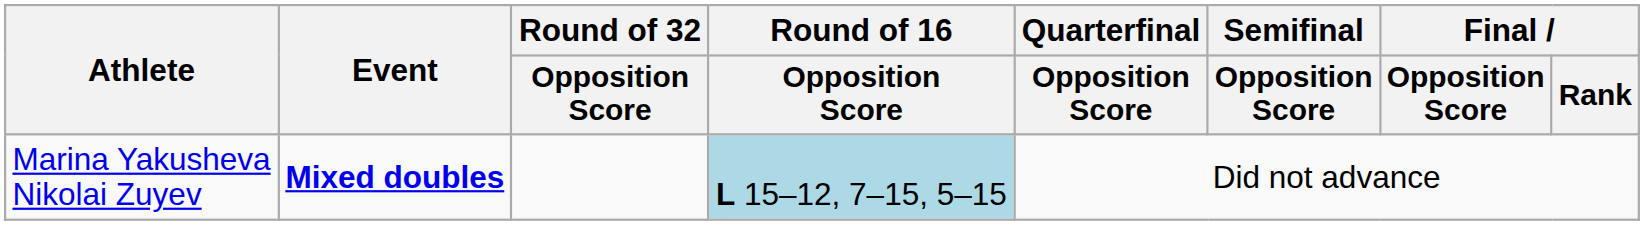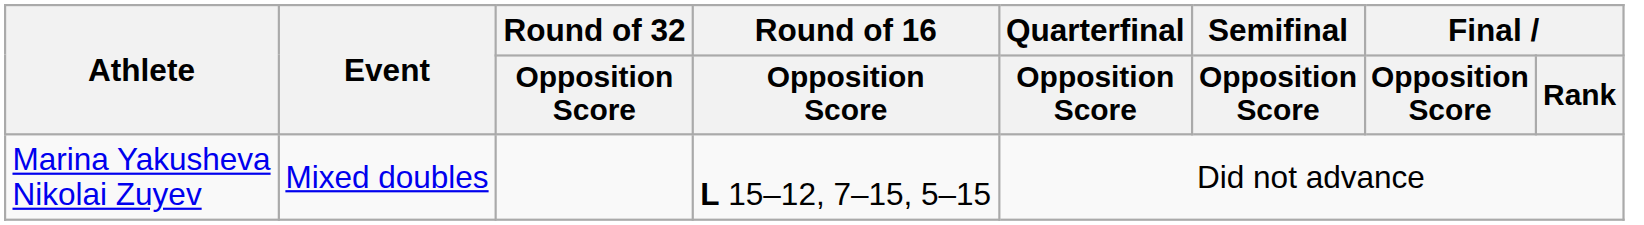 <table class=wikitable style="font-size:90%">
 <tr>
 <th rowspan="2">Athlete</th>
 <th rowspan="2">Event</th>
 <th>Round of 32</th>
 <th>Round of 16</th>
 <th>Quarterfinal</th>
 <th>Semifinal</th>
 <th colspan=2>Final / </th>
 </tr>
 <tr style="font-size:95%">
 <th>Opposition<br>Score</th>
 <th>Opposition<br>Score</th>
 <th>Opposition<br>Score</th>
 <th>Opposition<br>Score</th>
 <th>Opposition<br>Score</th>
 <th>Rank</th>
 </tr>
 <tr align=center>
 <td align=left><a href='#'>Marina Yakusheva</a><br><a href='#'>Nikolai Zuyev</a></td>
-<td align=left><strong><a href='#'>Mixed doubles</a></strong></td>
+<td align=left><a href='#'>Mixed doubles</a></td>
 <td></td>
-<td style="background: lightblue;"><br><strong>L</strong> 15–12, 7–15, 5–15</td>
+<td><br><strong>L</strong> 15–12, 7–15, 5–15</td>
 <td colspan=5>Did not advance</td>
 </tr>
 </table>
